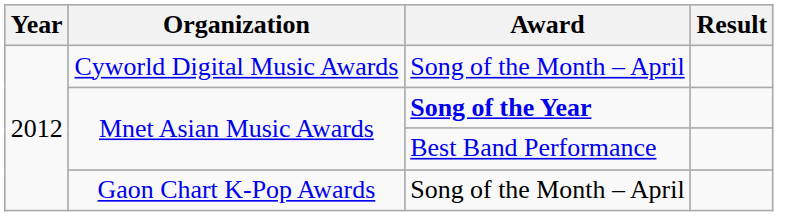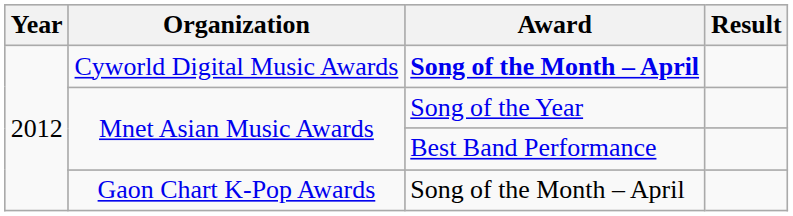 <table class="wikitable plainrowheaders">
 <tr>
 <th scope="col">Year</th>
 <th scope="col">Organization</th>
 <th scope="col">Award</th>
 <th scope="col">Result</th>
 </tr>
 <tr>
 <td rowspan="4">2012</td>
 <td style="text-align:center;"><a href='#'>Cyworld Digital Music Awards</a></td>
-<td><a href='#'>Song of the Month – April</a></td>
+<td><strong><a href='#'>Song of the Month – April</a></strong></td>
 <td></td>
 </tr>
 <tr>
 <td style="text-align:center;" rowspan="2"><a href='#'>Mnet Asian Music Awards</a></td>
-<td><strong><a href='#'>Song of the Year</a></strong></td>
+<td><a href='#'>Song of the Year</a></td>
 <td></td>
 </tr>
 <tr>
 <td><a href='#'>Best Band Performance</a></td>
 <td></td>
 </tr>
 <tr>
 <td style="text-align:center;"><a href='#'>Gaon Chart K-Pop Awards</a></td>
 <td>Song of the Month – April</td>
 <td></td>
 </tr>
 </table>
